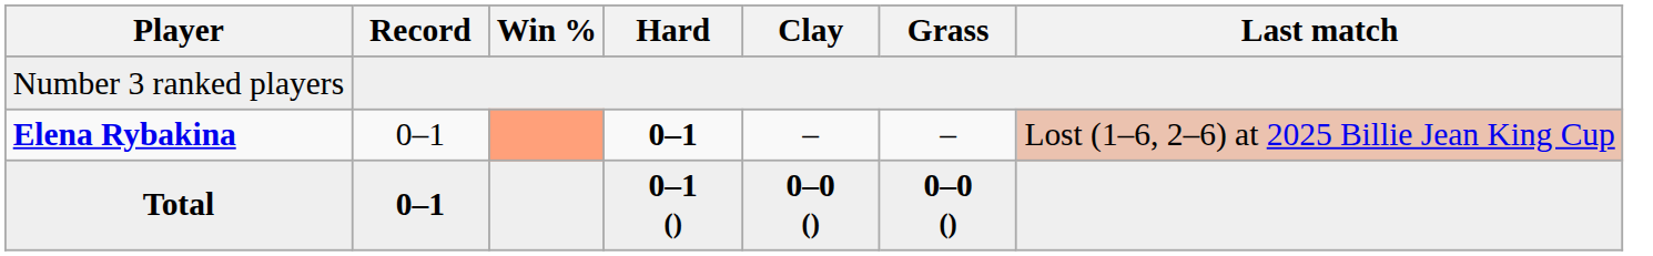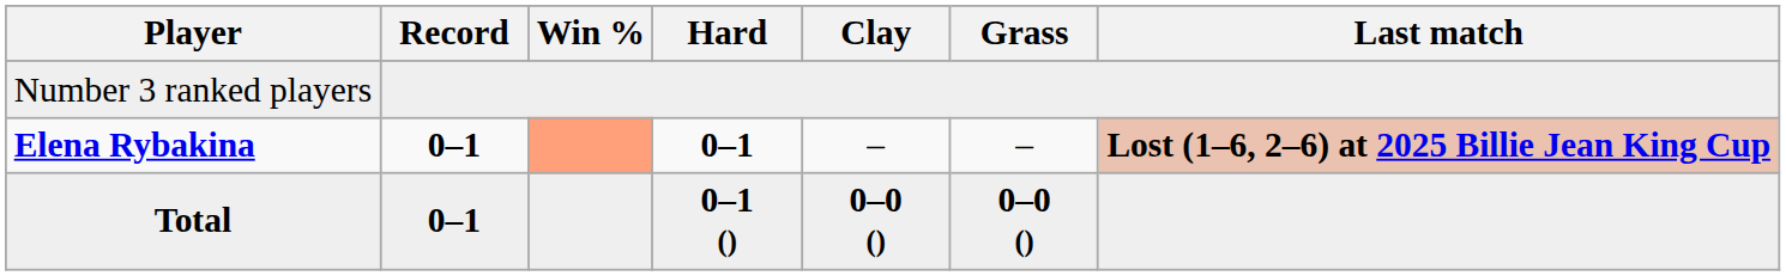 <table class="sortable wikitable nowrap" style=text-align:center>
 <tr>
 <th>Player</th>
 <th width=60>Record</th>
 <th>Win %</th>
 <th width=60>Hard</th>
 <th width=60>Clay</th>
 <th width=60>Grass</th>
 <th>Last match</th>
 </tr>
 <tr bgcolor=efefef class="sortbottom">
 <td align=left>Number 3 ranked players</td>
 <td colspan="6"></td>
 </tr>
 <tr>
 <td align=left><strong> <a href='#'>Elena Rybakina</a></strong></td>
-<td>0–1</td>
+<td><strong>0–1</strong></td>
 <td bgcolor=ffa07a></td>
 <td><strong>0–1</strong></td>
 <td>–</td>
 <td>–</td>
-<td bgcolor="ebc2af" align="left">Lost (1–6, 2–6) at <a href='#'>2025 Billie Jean King Cup</a></td>
+<td bgcolor="ebc2af" align="left"><strong>Lost (1–6, 2–6) at <a href='#'>2025 Billie Jean King Cup</a></strong></td>
 </tr>
 <tr class=sortbottom style=font-weight:bold;background:#efefef class="sortbottom">
 <td>Total</td>
 <td>0–1</td>
 <td></td>
 <td>0–1 <br> <small>()</small></td>
 <td>0–0 <br> <small>()</small></td>
 <td>0–0 <br> <small>()</small></td>
 <td></td>
 </tr>
 </table>
